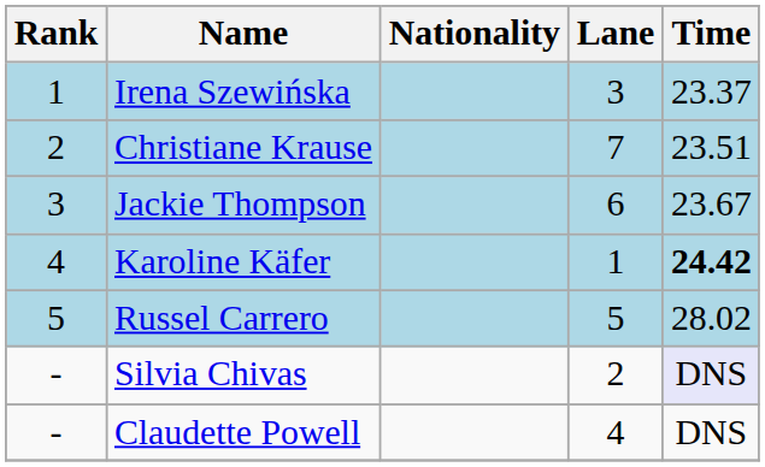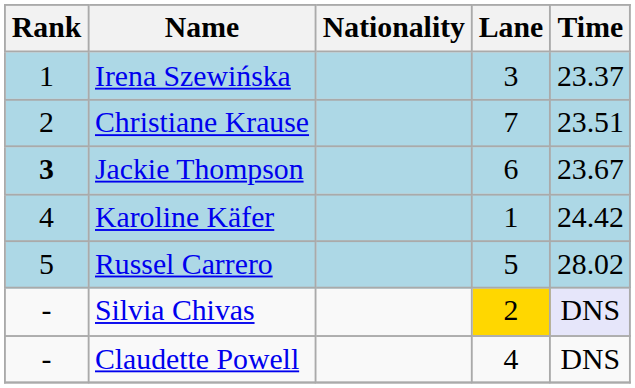 <table class="wikitable sortable" style="text-align:center">
 <tr>
 <th>Rank</th>
 <th>Name</th>
 <th>Nationality</th>
 <th>Lane</th>
 <th>Time</th>
 </tr>
 <tr bgcolor=lightblue>
 <td>1</td>
 <td align=left><a href='#'>Irena Szewińska</a></td>
 <td align=left></td>
 <td>3</td>
 <td>23.37</td>
 </tr>
 <tr bgcolor=lightblue>
 <td>2</td>
 <td align=left><a href='#'>Christiane Krause</a></td>
 <td align=left></td>
 <td>7</td>
 <td>23.51</td>
 </tr>
 <tr bgcolor=lightblue>
-<td>3</td>
+<td><strong>3</strong></td>
 <td align=left><a href='#'>Jackie Thompson</a></td>
 <td align=left></td>
 <td>6</td>
 <td>23.67</td>
 </tr>
 <tr bgcolor=lightblue>
 <td>4</td>
 <td align=left><a href='#'>Karoline Käfer</a></td>
 <td align=left></td>
 <td>1</td>
-<td><strong>24.42</strong></td>
+<td>24.42</td>
 </tr>
 <tr bgcolor=lightblue>
 <td>5</td>
 <td align=left><a href='#'>Russel Carrero</a></td>
 <td align=left></td>
 <td>5</td>
 <td>28.02</td>
 </tr>
 <tr>
 <td>-</td>
 <td align=left><a href='#'>Silvia Chivas</a></td>
 <td align=left></td>
-<td>2</td>
+<td style="background: gold;">2</td>
 <td style="background: lavender;">DNS</td>
 </tr>
 <tr>
 <td>-</td>
 <td align=left><a href='#'>Claudette Powell</a></td>
 <td align=left></td>
 <td>4</td>
 <td>DNS</td>
 </tr>
 <tr>
 </tr>
 </table>
